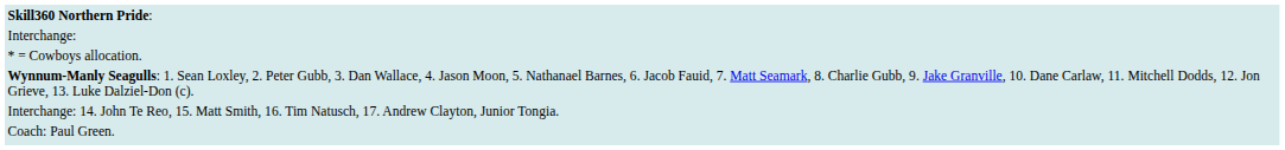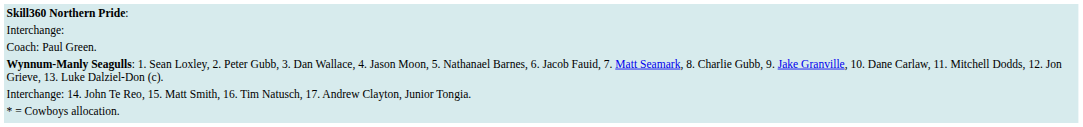 <table style="background:#d7ebed; font-size:85%; width:100%;">
 <tr>
 <td><strong>Skill360 Northern Pride</strong>:             </td>
 </tr>
 <tr>
 <td>Interchange:    </td>
 </tr>
 <tr>
-<td>* = Cowboys allocation.</td>
+<td>Coach: Paul Green.</td>
 </tr>
 <tr>
 <td><strong>Wynnum-Manly Seagulls</strong>: 1. Sean Loxley, 2. Peter Gubb, 3. Dan Wallace, 4. Jason Moon, 5. Nathanael Barnes, 6. Jacob Fauid, 7. <a href='#'>Matt Seamark</a>, 8. Charlie Gubb, 9. <a href='#'>Jake Granville</a>, 10. Dane Carlaw, 11. Mitchell Dodds, 12. Jon Grieve, 13. Luke Dalziel-Don (c).</td>
 </tr>
 <tr>
 <td>Interchange: 14. John Te Reo, 15. Matt Smith, 16. Tim Natusch, 17. Andrew Clayton, Junior Tongia.</td>
 </tr>
 <tr>
-<td>Coach: Paul Green.</td>
+<td>* = Cowboys allocation.</td>
 </tr>
 <tr>
 </tr>
 </table>
